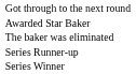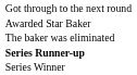 <table>
 <tr>
 <td> Got through to the next round</td>
 </tr>
 <tr>
 <td> Awarded Star Baker</td>
 </tr>
 <tr>
 <td> The baker was eliminated</td>
 </tr>
 <tr>
-<td> Series Runner-up</td>
+<td><strong> Series Runner-up</strong></td>
 </tr>
 <tr>
 <td> Series Winner</td>
 </tr>
 </table>
